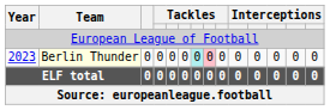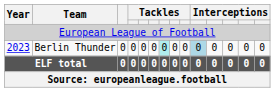 <table class="wikitable" style="text-align: center;">
 <tr>
 <th rowspan="2">Year</th>
 <th rowspan="2">Team</th>
 <th rowspan="2"></th>
 <th colspan="6">Tackles</th>
 <th colspan="5">Interceptions</th>
 </tr>
 <tr>
 <th></th>
 <th></th>
 <th></th>
 <th></th>
 <th></th>
 <th></th>
 <th></th>
 <th></th>
 <th></th>
 <th></th>
 <th></th>
 </tr>
 <tr>
 <td colspan="15" style="background-color:#D1D1D1"><a href='#'>European League of Football</a> </td>
 </tr>
 <tr>
 <td><a href='#'>2023</a></td>
-<td style="background: lightyellow;">Berlin Thunder</td>
+<td>Berlin Thunder</td>
 <td>0</td>
 <td>0</td>
 <td>0</td>
 <td>0</td>
 <td style="background: paleturquoise;">0</td>
-<td style="background: pink;">0</td>
 <td>0</td>
 <td>0</td>
+<td style="background: lightblue;">0</td>
 <td>0</td>
 <td>0</td>
 <td>0</td>
 <td>0</td>
 </tr>
 <tr style="background:#555555; font-weight:bold; color:white;">
 <td colspan="2">ELF total</td>
 <td>0</td>
 <td>0</td>
 <td>0</td>
 <td>0</td>
 <td>0</td>
 <td>0</td>
 <td>0</td>
 <td>0</td>
 <td>0</td>
 <td>0</td>
 <td>0</td>
 <td>0</td>
 </tr>
 <tr>
 <th colspan="15">Source: europeanleague.football</th>
 </tr>
 </table>
